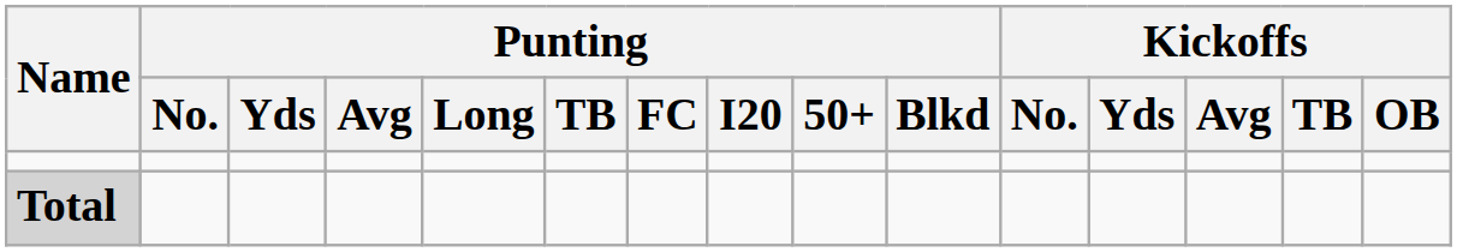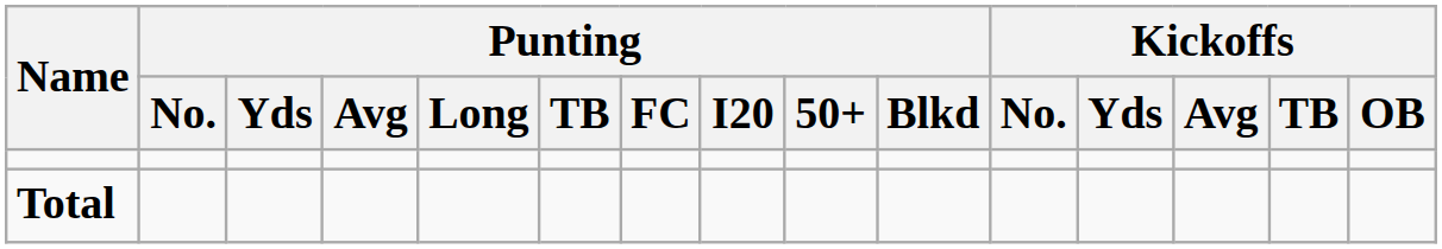 <table class="wikitable" style="white-space:nowrap;">
 <tr>
 <th rowspan="2">Name</th>
 <th colspan="9">Punting</th>
 <th colspan="5">Kickoffs</th>
 </tr>
 <tr>
 <th>No.</th>
 <th>Yds</th>
 <th>Avg</th>
 <th>Long</th>
 <th>TB</th>
 <th>FC</th>
 <th>I20</th>
 <th>50+</th>
 <th>Blkd</th>
 <th>No.</th>
 <th>Yds</th>
 <th>Avg</th>
 <th>TB</th>
 <th>OB</th>
 </tr>
 <tr>
 <td></td>
 <td></td>
 <td></td>
 <td></td>
 <td></td>
 <td></td>
 <td></td>
 <td></td>
 <td></td>
 <td></td>
 <td></td>
 <td></td>
 <td></td>
 <td></td>
 <td></td>
 </tr>
 <tr>
-<td style="background: lightgrey;"><strong>Total</strong></td>
+<td><strong>Total</strong></td>
 <td></td>
 <td></td>
 <td></td>
 <td></td>
 <td></td>
 <td></td>
 <td></td>
 <td></td>
 <td></td>
 <td></td>
 <td></td>
 <td></td>
 <td></td>
 <td></td>
 </tr>
 </table>
